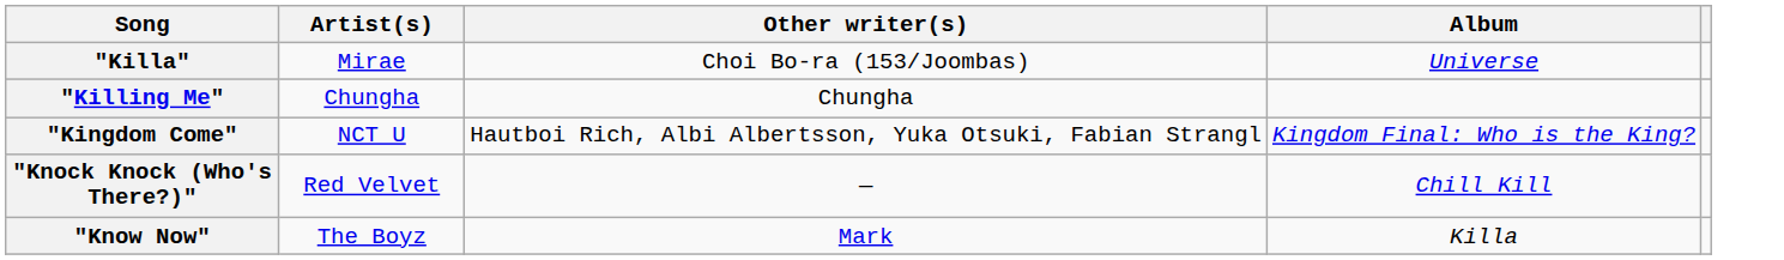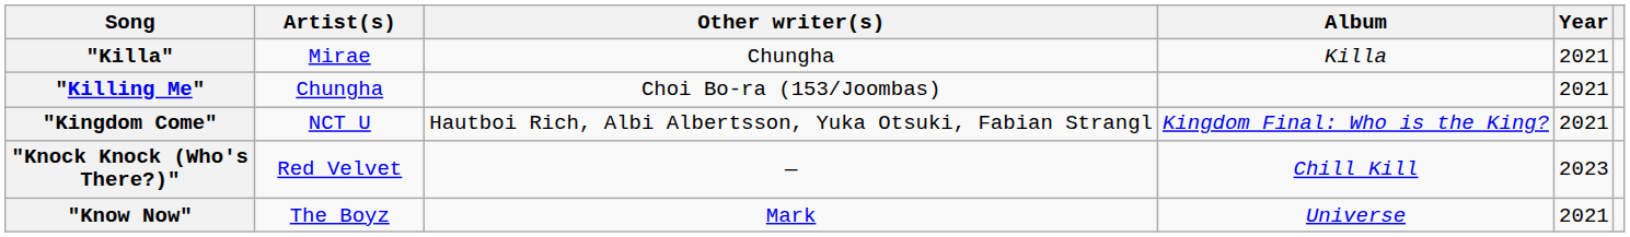 <table class="wikitable sortable plainrowheaders" style="text-align:center;">
 <tr>
 <th scope="col" width="150">Song</th>
 <th scope="col" width="100">Artist(s)</th>
 <th scope="col" class="unsortable">Other writer(s)</th>
 <th scope="col" data-sort-type="text">Album</th>
+<th scope="col">Year</th>
 <th scope="col" class="unsortable"></th>
 </tr>
 <tr>
 <th scope="row">"Killa"</th>
 <td><a href='#'>Mirae</a></td>
-<td>Choi Bo-ra (153/Joombas)</td>
-<td><em><a href='#'>Universe</a></em></td>
+<td>Chungha</td>
+<td><em>Killa</em></td>
+<td>2021</td>
 <td style="text-align:center;"></td>
 </tr>
 <tr>
 <th scope="row">"<a href='#'>Killing Me</a>"</th>
 <td><a href='#'>Chungha</a></td>
-<td>Chungha</td>
+<td>Choi Bo-ra (153/Joombas)</td>
 <td></td>
+<td>2021</td>
 <td style="text-align:center;"></td>
 </tr>
 <tr>
 <th scope="row">"Kingdom Come"</th>
 <td><a href='#'>NCT U</a></td>
 <td>Hautboi Rich, Albi Albertsson, Yuka Otsuki, Fabian Strangl</td>
 <td><em><a href='#'>Kingdom Final: Who is the King?</a></em></td>
+<td>2021</td>
 <td style="text-align:center;"></td>
 </tr>
 <tr>
 <th scope="row">"Knock Knock (Who's There?)"</th>
 <td><a href='#'>Red Velvet</a></td>
 <td>—</td>
 <td><em><a href='#'>Chill Kill</a></em></td>
+<td>2023</td>
 <td style="text-align:center;"></td>
 </tr>
 <tr>
 <th scope="row">"Know Now"</th>
 <td><a href='#'>The Boyz</a></td>
 <td><a href='#'>Mark</a></td>
-<td><em>Killa</em></td>
+<td><em><a href='#'>Universe</a></em></td>
+<td>2021</td>
 <td style="text-align:center;"></td>
 </tr>
 </table>
